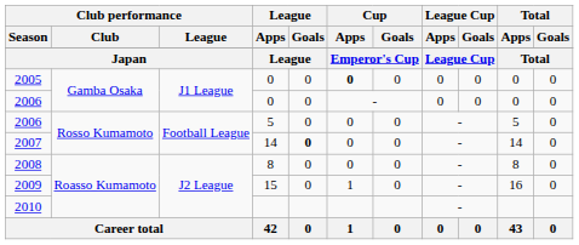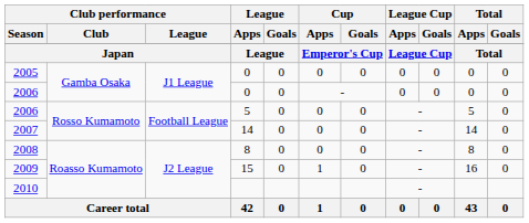 <table class="wikitable" style="text-align:center">
 <tr>
 <th colspan=3>Club performance</th>
 <th colspan=2>League</th>
 <th colspan=2>Cup</th>
 <th colspan=2>League Cup</th>
 <th colspan=2>Total</th>
 </tr>
 <tr>
 <th>Season</th>
 <th>Club</th>
 <th>League</th>
 <th>Apps</th>
 <th>Goals</th>
 <th>Apps</th>
 <th>Goals</th>
 <th>Apps</th>
 <th>Goals</th>
 <th>Apps</th>
 <th>Goals</th>
 </tr>
 <tr>
 </tr>
 <tr>
 <th colspan=3>Japan</th>
 <th colspan=2>League</th>
 <th colspan=2><a href='#'>Emperor's Cup</a></th>
 <th colspan=2><a href='#'>League Cup</a></th>
 <th colspan=2>Total</th>
 </tr>
 <tr>
 <td><a href='#'>2005</a></td>
 <td rowspan="2"><a href='#'>Gamba Osaka</a></td>
 <td rowspan="2"><a href='#'>J1 League</a></td>
 <td>0</td>
 <td>0</td>
-<td><strong>0</strong></td>
+<td>0</td>
 <td>0</td>
 <td>0</td>
 <td>0</td>
 <td>0</td>
 <td>0</td>
 </tr>
 <tr>
 <td><a href='#'>2006</a></td>
 <td>0</td>
 <td>0</td>
 <td colspan="2">-</td>
 <td>0</td>
 <td>0</td>
 <td>0</td>
 <td>0</td>
 </tr>
 <tr>
 <td><a href='#'>2006</a></td>
 <td rowspan="2"><a href='#'>Rosso Kumamoto</a></td>
 <td rowspan="2"><a href='#'>Football League</a></td>
 <td>5</td>
 <td>0</td>
 <td>0</td>
 <td>0</td>
 <td colspan="2">-</td>
 <td>5</td>
 <td>0</td>
 </tr>
 <tr>
 <td><a href='#'>2007</a></td>
 <td>14</td>
-<td><strong>0</strong></td>
+<td>0</td>
 <td>0</td>
 <td>0</td>
 <td colspan="2">-</td>
 <td>14</td>
 <td>0</td>
 </tr>
 <tr>
 <td><a href='#'>2008</a></td>
 <td rowspan="3"><a href='#'>Roasso Kumamoto</a></td>
 <td rowspan="3"><a href='#'>J2 League</a></td>
 <td>8</td>
 <td>0</td>
 <td>0</td>
 <td>0</td>
 <td colspan="2">-</td>
 <td>8</td>
 <td>0</td>
 </tr>
 <tr>
 <td><a href='#'>2009</a></td>
 <td>15</td>
 <td>0</td>
 <td>1</td>
 <td>0</td>
 <td colspan="2">-</td>
 <td>16</td>
 <td>0</td>
 </tr>
 <tr>
 <td><a href='#'>2010</a></td>
 <td></td>
 <td></td>
 <td></td>
 <td></td>
 <td colspan="2">-</td>
 <td></td>
 <td></td>
 </tr>
 <tr>
 <th colspan=3>Career total</th>
 <th>42</th>
 <th>0</th>
 <th>1</th>
 <th>0</th>
 <th>0</th>
 <th>0</th>
 <th>43</th>
 <th>0</th>
 </tr>
 </table>
